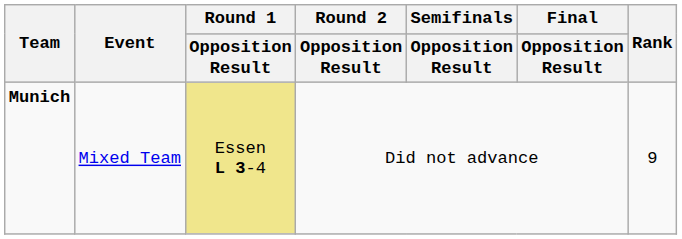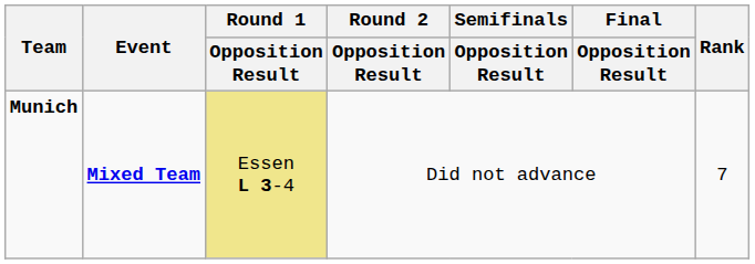 <table class="wikitable" border="1" style="font-size:90%">
 <tr>
 <th rowspan=2>Team</th>
 <th rowspan=2>Event</th>
 <th>Round 1</th>
 <th>Round 2</th>
 <th>Semifinals</th>
 <th>Final</th>
 <th rowspan=2>Rank</th>
 </tr>
 <tr>
 <th>Opposition<br>Result</th>
 <th>Opposition<br>Result</th>
 <th>Opposition<br>Result</th>
 <th>Opposition<br>Result</th>
 </tr>
 <tr>
 <td><strong>Munich</strong><br><br><br><br><br><br><br></td>
-<td><a href='#'>Mixed Team</a></td>
+<td><strong><a href='#'>Mixed Team</a></strong></td>
 <td align=center style="background: khaki;">Essen <br> <strong>L</strong> <strong>3</strong>-4</td>
 <td align=center colspan=3>Did not advance</td>
-<td align=center>9</td>
+<td align=center>7</td>
 </tr>
 </table>
